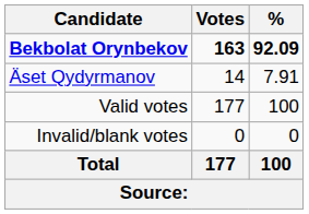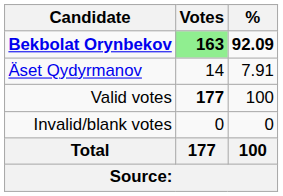 <table class="wikitable" style="text-align:right">
 <tr>
 <th>Candidate</th>
 <th>Votes</th>
 <th>%</th>
 </tr>
 <tr>
 <td align="left"><strong><a href='#'>Bekbolat Orynbekov</a></strong></td>
-<td><strong>163</strong></td>
+<td style="background: lightgreen;"><strong>163</strong></td>
 <td><strong>92.09</strong></td>
 </tr>
 <tr>
 <td align="left"><a href='#'>Äset Qydyrmanov</a></td>
 <td>14</td>
 <td>7.91</td>
 </tr>
 <tr>
 <td>Valid votes</td>
-<td>177</td>
+<td><strong>177</strong></td>
 <td>100</td>
 </tr>
 <tr>
 <td>Invalid/blank votes</td>
 <td>0</td>
 <td>0</td>
 </tr>
 <tr>
 <th>Total</th>
 <th>177</th>
 <th>100</th>
 </tr>
 <tr>
 <th colspan="3">Source: </th>
 </tr>
 </table>
